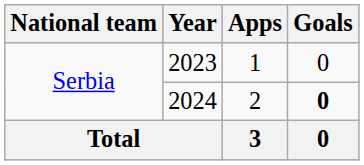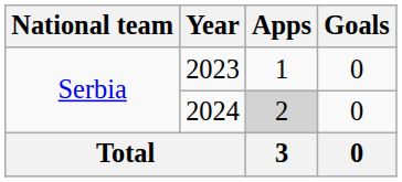 <table class="wikitable" style="text-align:center">
 <tr>
 <th>National team</th>
 <th>Year</th>
 <th>Apps</th>
 <th>Goals</th>
 </tr>
 <tr>
 <td rowspan='2'><a href='#'>Serbia</a></td>
 <td>2023</td>
 <td>1</td>
 <td>0</td>
 </tr>
 <tr>
 <td>2024</td>
-<td>2</td>
-<td><strong>0</strong></td>
+<td style="background: lightgrey;">2</td>
+<td>0</td>
 </tr>
 <tr>
 <th colspan="2">Total</th>
 <th>3</th>
 <th>0</th>
 </tr>
 </table>
